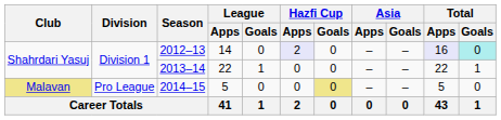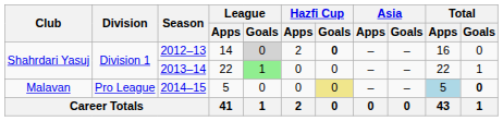 <table class="wikitable" style="text-align: center;">
 <tr>
 <th rowspan="2">Club</th>
 <th rowspan="2">Division</th>
 <th rowspan="2">Season</th>
 <th colspan="2">League</th>
 <th colspan="2"><a href='#'>Hazfi Cup</a></th>
 <th colspan="2"><a href='#'>Asia</a></th>
 <th colspan="2">Total</th>
 </tr>
 <tr>
 <th>Apps</th>
 <th>Goals</th>
 <th>Apps</th>
 <th>Goals</th>
 <th>Apps</th>
 <th>Goals</th>
 <th>Apps</th>
 <th>Goals</th>
 </tr>
 <tr>
 <td rowspan="2"><a href='#'>Shahrdari Yasuj</a></td>
 <td rowspan="2"><a href='#'>Division 1</a></td>
 <td><a href='#'>2012–13</a></td>
 <td>14</td>
-<td>0</td>
-<td style="background: lavender;">2</td>
-<td>0</td>
+<td style="background: lightgrey;">0</td>
+<td>2</td>
+<td><strong>0</strong></td>
 <td>–</td>
 <td>–</td>
-<td style="background: lavender;">16</td>
-<td style="background: paleturquoise;">0</td>
+<td>16</td>
+<td>0</td>
 </tr>
 <tr>
 <td><a href='#'>2013–14</a></td>
 <td>22</td>
-<td>1</td>
+<td style="background: lightgreen;">1</td>
 <td>0</td>
 <td>0</td>
 <td>–</td>
 <td>–</td>
 <td>22</td>
 <td>1</td>
 </tr>
 <tr>
-<td style="background: khaki;"><a href='#'>Malavan</a></td>
+<td><a href='#'>Malavan</a></td>
 <td><a href='#'>Pro League</a></td>
 <td><a href='#'>2014–15</a></td>
 <td>5</td>
 <td>0</td>
 <td>0</td>
 <td style="background: khaki;">0</td>
 <td>–</td>
 <td>–</td>
-<td>5</td>
-<td>0</td>
+<td style="background: lightblue;">5</td>
+<td><strong>0</strong></td>
 </tr>
 <tr>
 <th colspan=3>Career Totals</th>
 <th>41</th>
 <th>1</th>
 <th>2</th>
 <th>0</th>
 <th>0</th>
 <th>0</th>
 <th>43</th>
 <th>1</th>
 </tr>
 </table>
